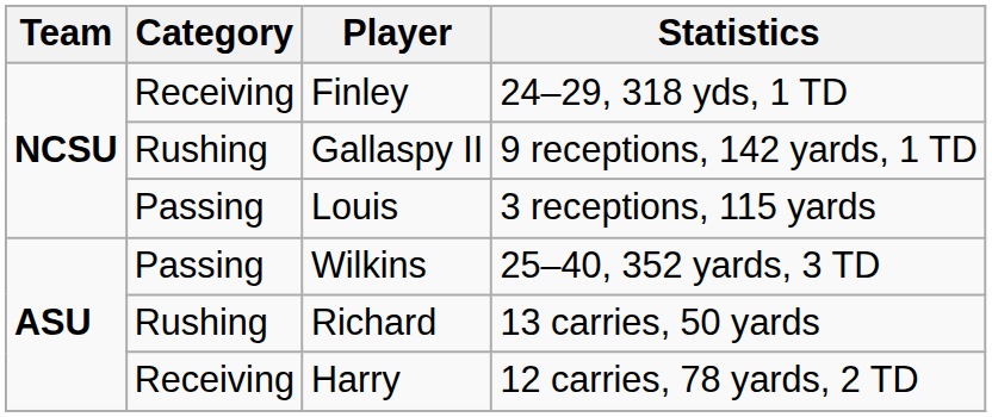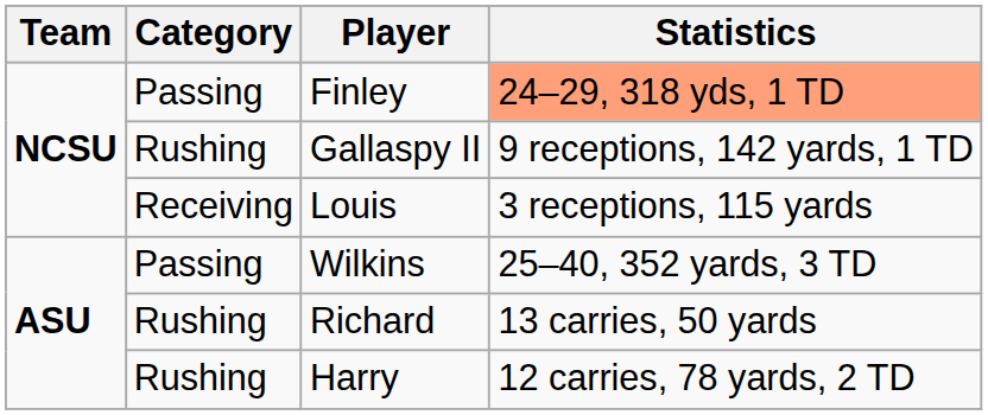 <table class="wikitable">
 <tr>
 <th>Team</th>
 <th>Category</th>
 <th>Player</th>
 <th>Statistics</th>
 </tr>
 <tr>
 <td rowspan=3><strong>NCSU</strong></td>
-<td>Receiving</td>
+<td>Passing</td>
 <td>Finley</td>
-<td>24–29, 318 yds, 1 TD</td>
+<td style="background: lightsalmon;">24–29, 318 yds, 1 TD</td>
 </tr>
 <tr>
 <td>Rushing</td>
 <td>Gallaspy II</td>
 <td>9 receptions, 142 yards, 1 TD</td>
 </tr>
 <tr>
-<td>Passing</td>
+<td>Receiving</td>
 <td>Louis</td>
 <td>3 receptions, 115 yards</td>
 </tr>
 <tr>
 <td rowspan=3><strong>ASU</strong></td>
 <td>Passing</td>
 <td>Wilkins</td>
 <td>25–40, 352 yards, 3 TD</td>
 </tr>
 <tr>
 <td>Rushing</td>
 <td>Richard</td>
 <td>13 carries, 50 yards</td>
 </tr>
 <tr>
-<td>Receiving</td>
+<td>Rushing</td>
 <td>Harry</td>
 <td>12 carries, 78 yards, 2 TD</td>
 </tr>
 </table>
